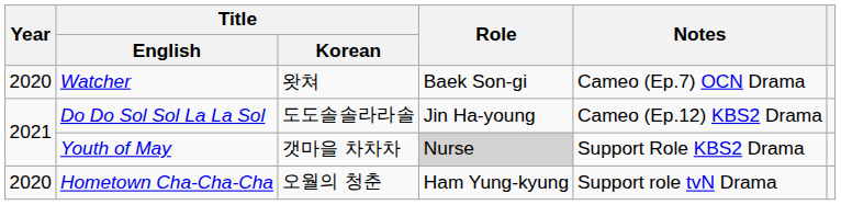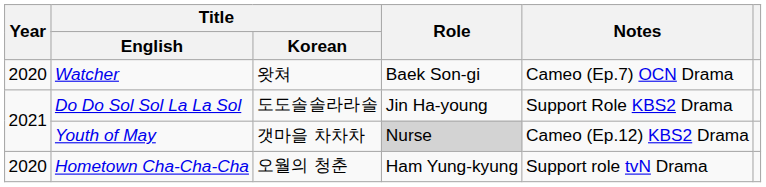 <table class="wikitable sortable">
 <tr>
 <th scope="col" rowspan="2">Year</th>
 <th scope="col" colspan="2">Title</th>
 <th scope="col" rowspan="2">Role</th>
 <th scope="col" rowspan="2" class="unsortable">Notes</th>
 <th scope="col" rowspan="2" class="unsortable"></th>
 </tr>
 <tr>
 <th>English</th>
 <th>Korean</th>
 </tr>
 <tr>
 <td scope="row">2020</td>
 <td><em><a href='#'>Watcher</a></em></td>
 <td>왓쳐</td>
 <td>Baek Son-gi</td>
 <td>Cameo (Ep.7) <a href='#'>OCN</a> Drama</td>
 <td></td>
 </tr>
 <tr>
 <td scope="row" rowspan="2">2021</td>
 <td><em><a href='#'>Do Do Sol Sol La La Sol</a></em></td>
 <td>도도솔솔라라솔</td>
 <td>Jin Ha-young</td>
-<td rowspan="1">Cameo (Ep.12) <a href='#'>KBS2</a> Drama</td>
+<td rowspan="1">Support Role <a href='#'>KBS2</a> Drama</td>
 <td></td>
 </tr>
 <tr>
 <td><em><a href='#'>Youth of May</a></em></td>
 <td>갯마을 차차차</td>
 <td style="background: lightgrey;">Nurse</td>
-<td rowspan="1">Support Role <a href='#'>KBS2</a> Drama</td>
+<td rowspan="1">Cameo (Ep.12) <a href='#'>KBS2</a> Drama</td>
 <td></td>
 </tr>
 <tr>
 <td scope="row">2020</td>
 <td><em><a href='#'>Hometown Cha-Cha-Cha</a></em></td>
 <td>오월의 청춘</td>
 <td>Ham Yung-kyung</td>
 <td>Support role <a href='#'>tvN</a> Drama</td>
 <td></td>
 </tr>
 </table>
